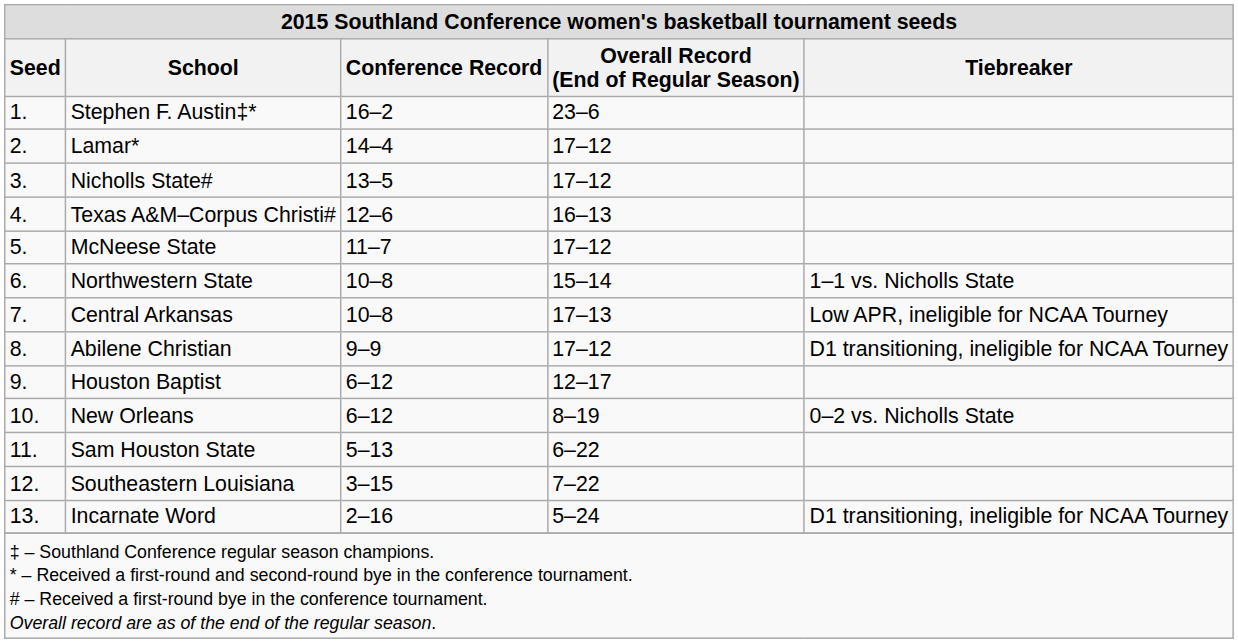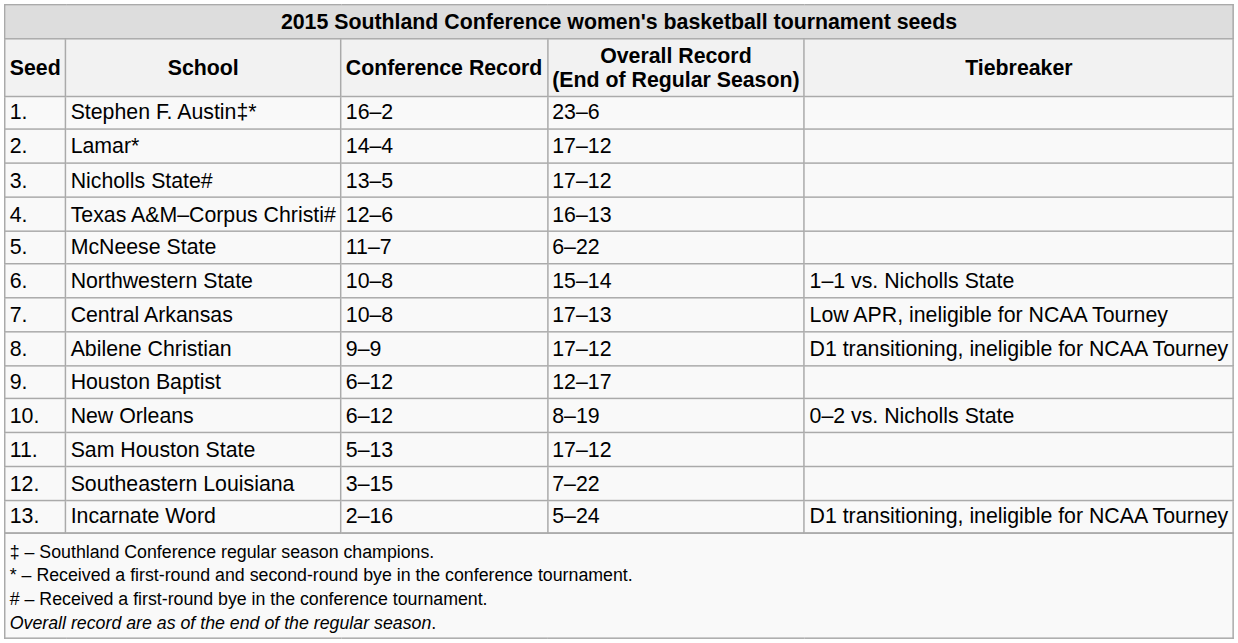 <table class="wikitable" style="white-space:nowrap; font-size:90%;">
 <tr>
 <td colspan="7" style="text-align:center; background:#DDDDDD; font:#000000"><strong>2015 Southland Conference women's basketball tournament seeds</strong></td>
 </tr>
 <tr bgcolor="#efefef">
 <th>Seed</th>
 <th>School</th>
 <th>Conference Record</th>
 <th>Overall Record <br>(End of Regular Season)</th>
 <th>Tiebreaker</th>
 </tr>
 <tr>
 <td>1.</td>
 <td>Stephen F. Austin‡*</td>
 <td>16–2</td>
 <td>23–6</td>
 <td></td>
 </tr>
 <tr>
 <td>2.</td>
 <td>Lamar*</td>
 <td>14–4</td>
 <td>17–12</td>
 <td></td>
 </tr>
 <tr>
 <td>3.</td>
 <td>Nicholls State#</td>
 <td>13–5</td>
 <td>17–12</td>
 <td></td>
 </tr>
 <tr>
 <td>4.</td>
 <td>Texas A&M–Corpus Christi#</td>
 <td>12–6</td>
 <td>16–13</td>
 <td></td>
 </tr>
 <tr>
 <td>5.</td>
 <td>McNeese State</td>
 <td>11–7</td>
-<td>17–12</td>
+<td>6–22</td>
 <td></td>
 </tr>
 <tr>
 <td>6.</td>
 <td>Northwestern State</td>
 <td>10–8</td>
 <td>15–14</td>
 <td>1–1 vs. Nicholls State</td>
 </tr>
 <tr>
 <td>7.</td>
 <td>Central Arkansas</td>
 <td>10–8</td>
 <td>17–13</td>
 <td>Low APR, ineligible for NCAA Tourney</td>
 </tr>
 <tr>
 <td>8.</td>
 <td>Abilene Christian</td>
 <td>9–9</td>
 <td>17–12</td>
 <td>D1 transitioning, ineligible for NCAA Tourney</td>
 </tr>
 <tr>
 <td>9.</td>
 <td>Houston Baptist</td>
 <td>6–12</td>
 <td>12–17</td>
 <td></td>
 </tr>
 <tr>
 <td>10.</td>
 <td>New Orleans</td>
 <td>6–12</td>
 <td>8–19</td>
 <td>0–2 vs. Nicholls State</td>
 </tr>
 <tr>
 <td>11.</td>
 <td>Sam Houston State</td>
 <td>5–13</td>
-<td>6–22</td>
+<td>17–12</td>
 <td></td>
 </tr>
 <tr>
 <td>12.</td>
 <td>Southeastern Louisiana</td>
 <td>3–15</td>
 <td>7–22</td>
 <td></td>
 </tr>
 <tr>
 <td>13.</td>
 <td>Incarnate Word</td>
 <td>2–16</td>
 <td>5–24</td>
 <td>D1 transitioning, ineligible for NCAA Tourney</td>
 </tr>
 <tr>
 </tr>
 <tr>
 <td colspan=6 align=left><small>‡ – Southland Conference regular season champions.<br>* – Received a first-round and second-round bye in the conference tournament.<br># – Received a first-round bye in the conference tournament. <br><em>Overall record are as of the end of the regular season</em>.</small></td>
 </tr>
 </table>
